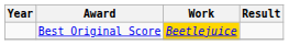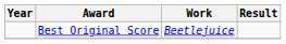 <table class="wikitable sortable">
 <tr>
 <th>Year</th>
 <th>Award</th>
 <th>Work</th>
 <th>Result</th>
 </tr>
 <tr>
 <td></td>
 <td><a href='#'>Best Original Score</a></td>
-<td style="background: gold;"><em><a href='#'>Beetlejuice</a></em></td>
+<td><em><a href='#'>Beetlejuice</a></em></td>
 <td></td>
 </tr>
 <tr>
 </tr>
 </table>
